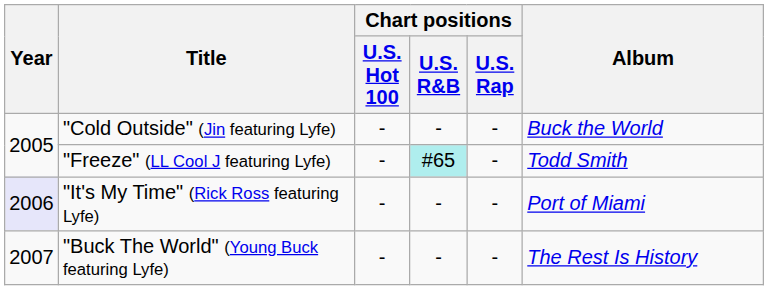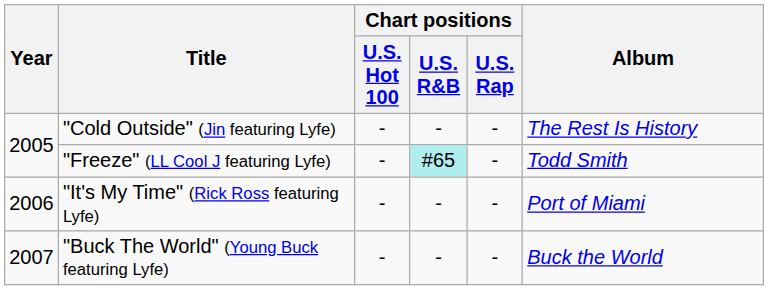 <table class="wikitable">
 <tr>
 <th style="width:28px;" rowspan="2">Year</th>
 <th style="width:310px;" rowspan="2">Title</th>
 <th colspan="3">Chart positions</th>
 <th style="width:250px;" rowspan="2">Album</th>
 </tr>
 <tr>
 <th style="width:40px;"><a href='#'>U.S. Hot 100</a></th>
 <th style="width:40px;"><a href='#'>U.S. R&B</a></th>
 <th style="width:40px;"><a href='#'>U.S. Rap</a></th>
 </tr>
 <tr>
 <td rowspan="2">2005</td>
 <td>"Cold Outside" <small>(<a href='#'>Jin</a> featuring Lyfe)</small></td>
 <td style="text-align:center;">-</td>
 <td style="text-align:center;">-</td>
 <td style="text-align:center;">-</td>
-<td><em><a href='#'>Buck the World</a></em></td>
+<td><em><a href='#'>The Rest Is History</a></em></td>
 </tr>
 <tr>
 <td>"Freeze" <small>(<a href='#'>LL Cool J</a> featuring Lyfe)</small></td>
 <td style="text-align:center;">-</td>
 <td style="background: paleturquoise; text-align:center;">#65</td>
 <td style="text-align:center;">-</td>
 <td><em><a href='#'>Todd Smith</a></em></td>
 </tr>
 <tr>
-<td style="background: lavender;">2006</td>
+<td>2006</td>
 <td>"It's My Time" <small>(<a href='#'>Rick Ross</a> featuring Lyfe)</small></td>
 <td style="text-align:center;">-</td>
 <td style="text-align:center;">-</td>
 <td style="text-align:center;">-</td>
 <td><em><a href='#'>Port of Miami</a></em></td>
 </tr>
 <tr>
 <td rowspan="2">2007</td>
 <td>"Buck The World" <small>(<a href='#'>Young Buck</a> featuring Lyfe)</small></td>
 <td style="text-align:center;">-</td>
 <td style="text-align:center;">-</td>
 <td style="text-align:center;">-</td>
-<td><em><a href='#'>The Rest Is History</a></em></td>
+<td><em><a href='#'>Buck the World</a></em></td>
 </tr>
 </table>
